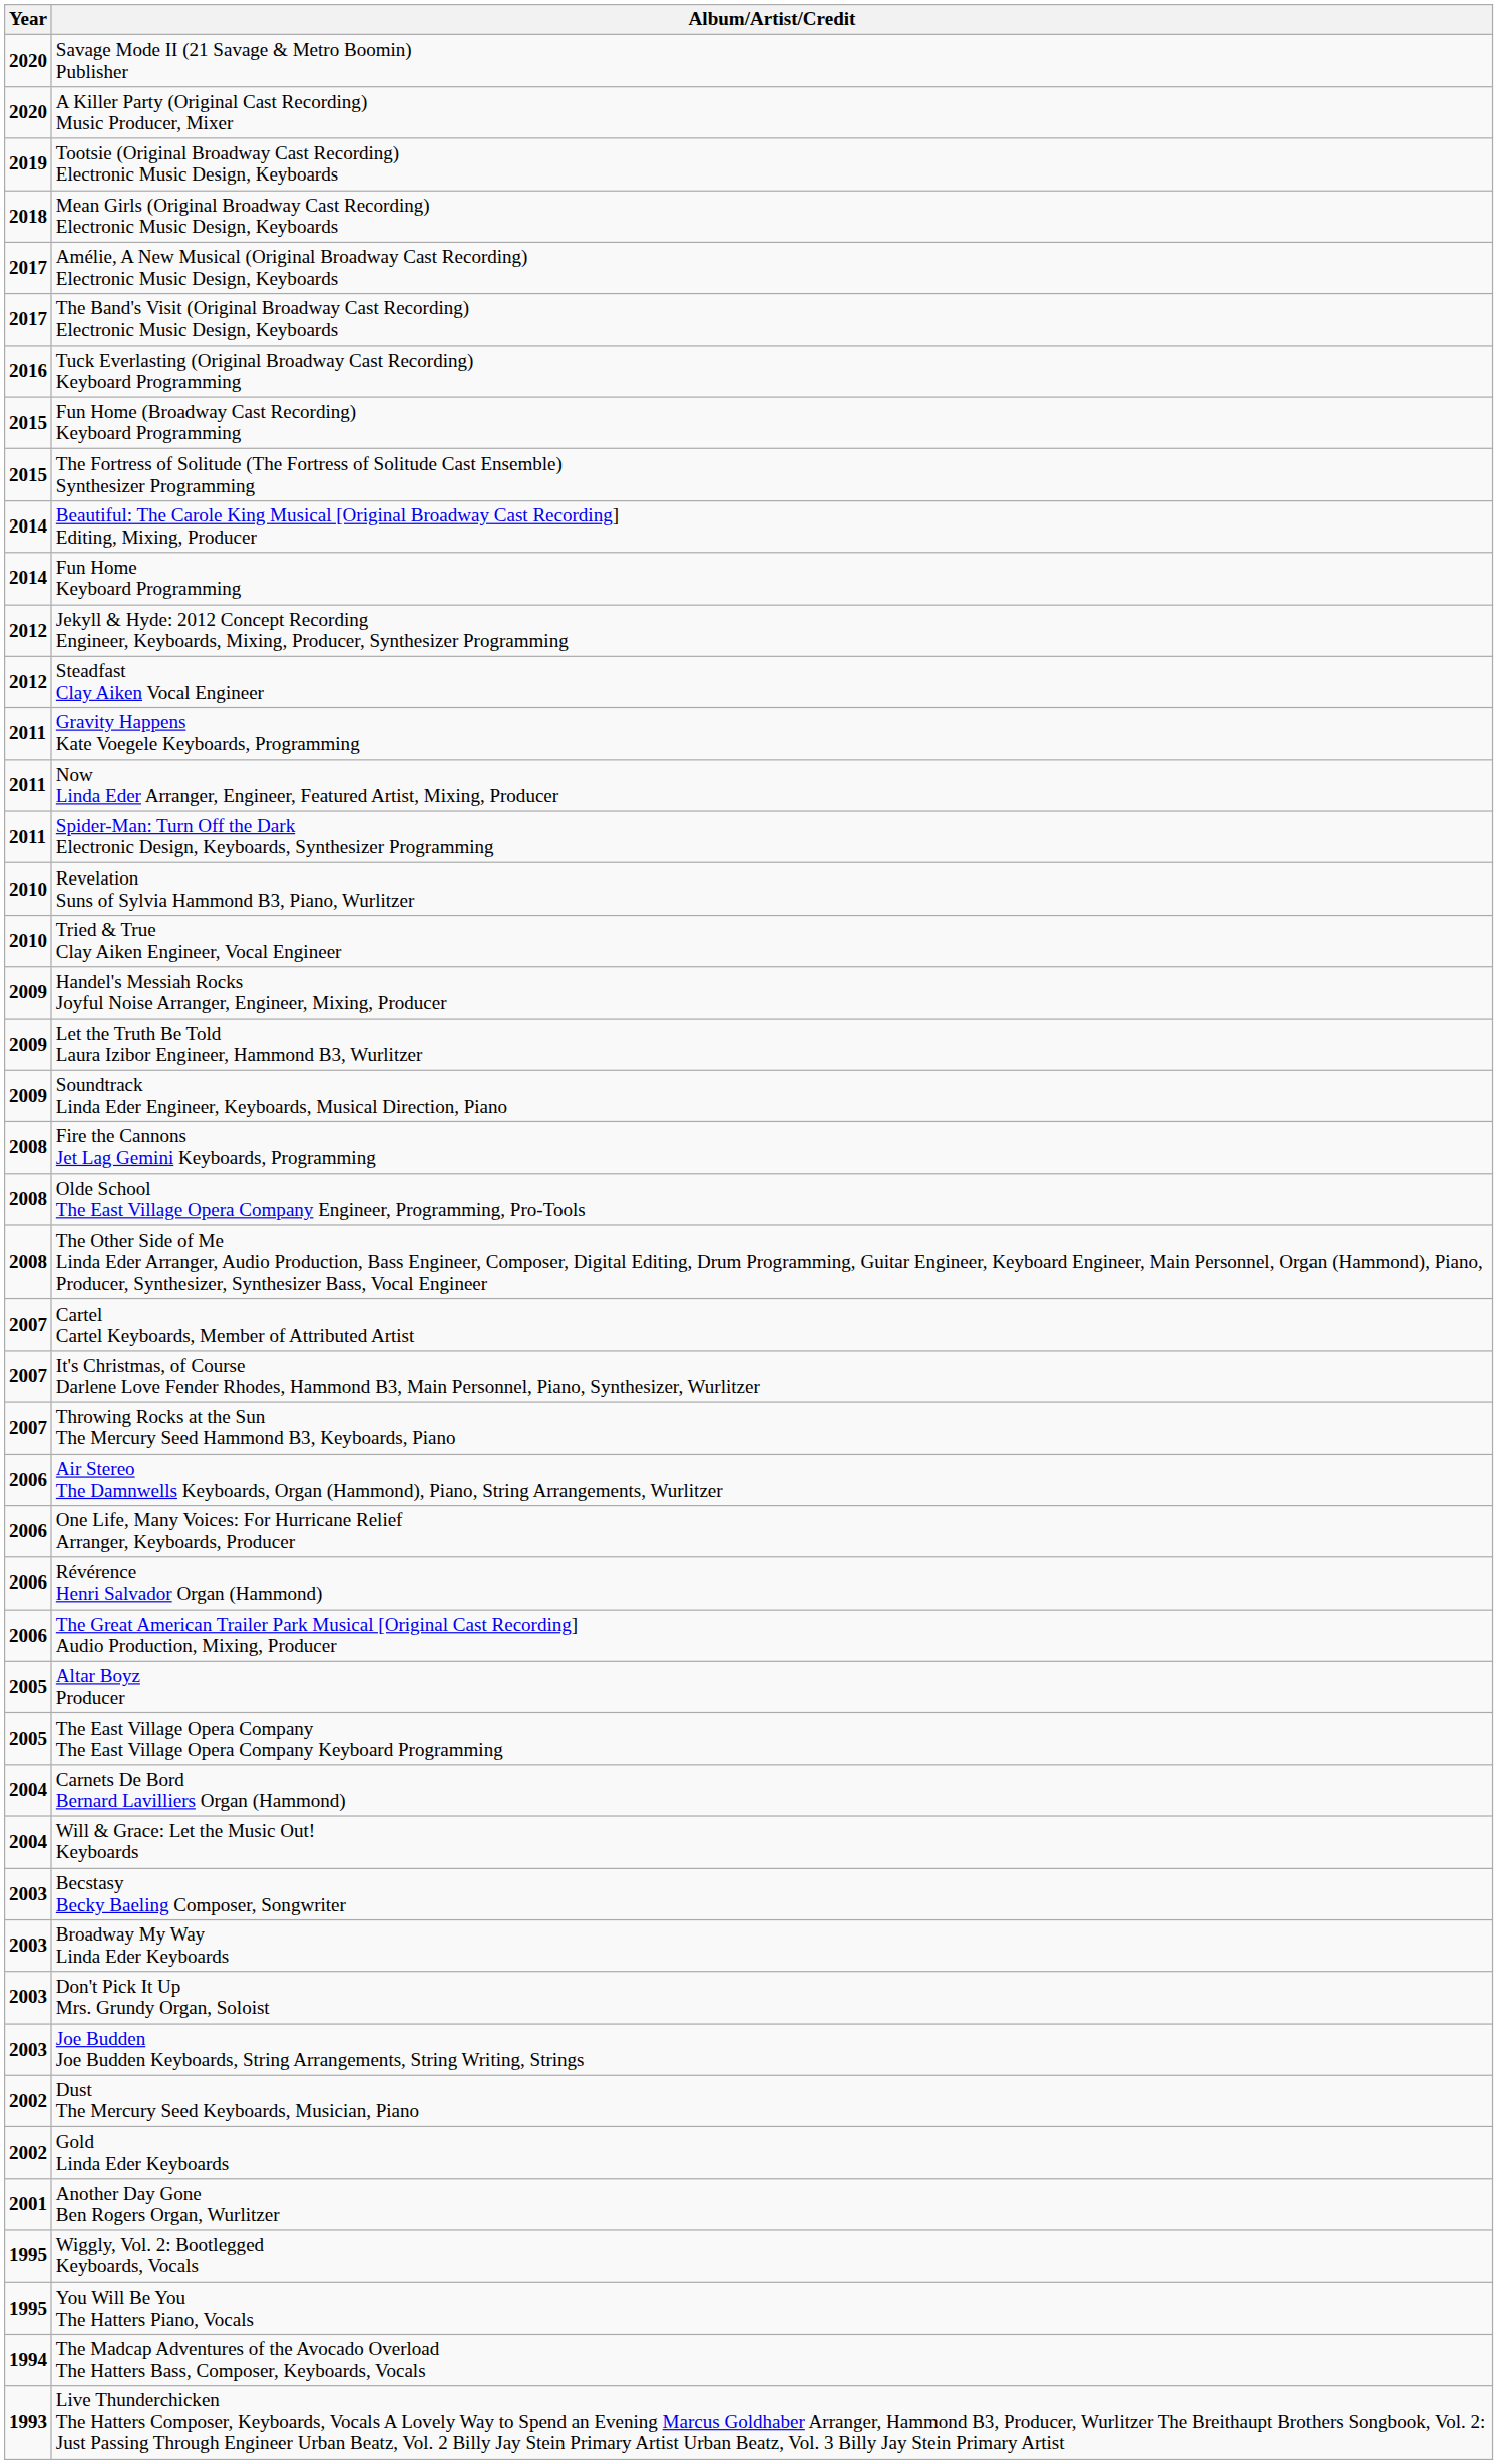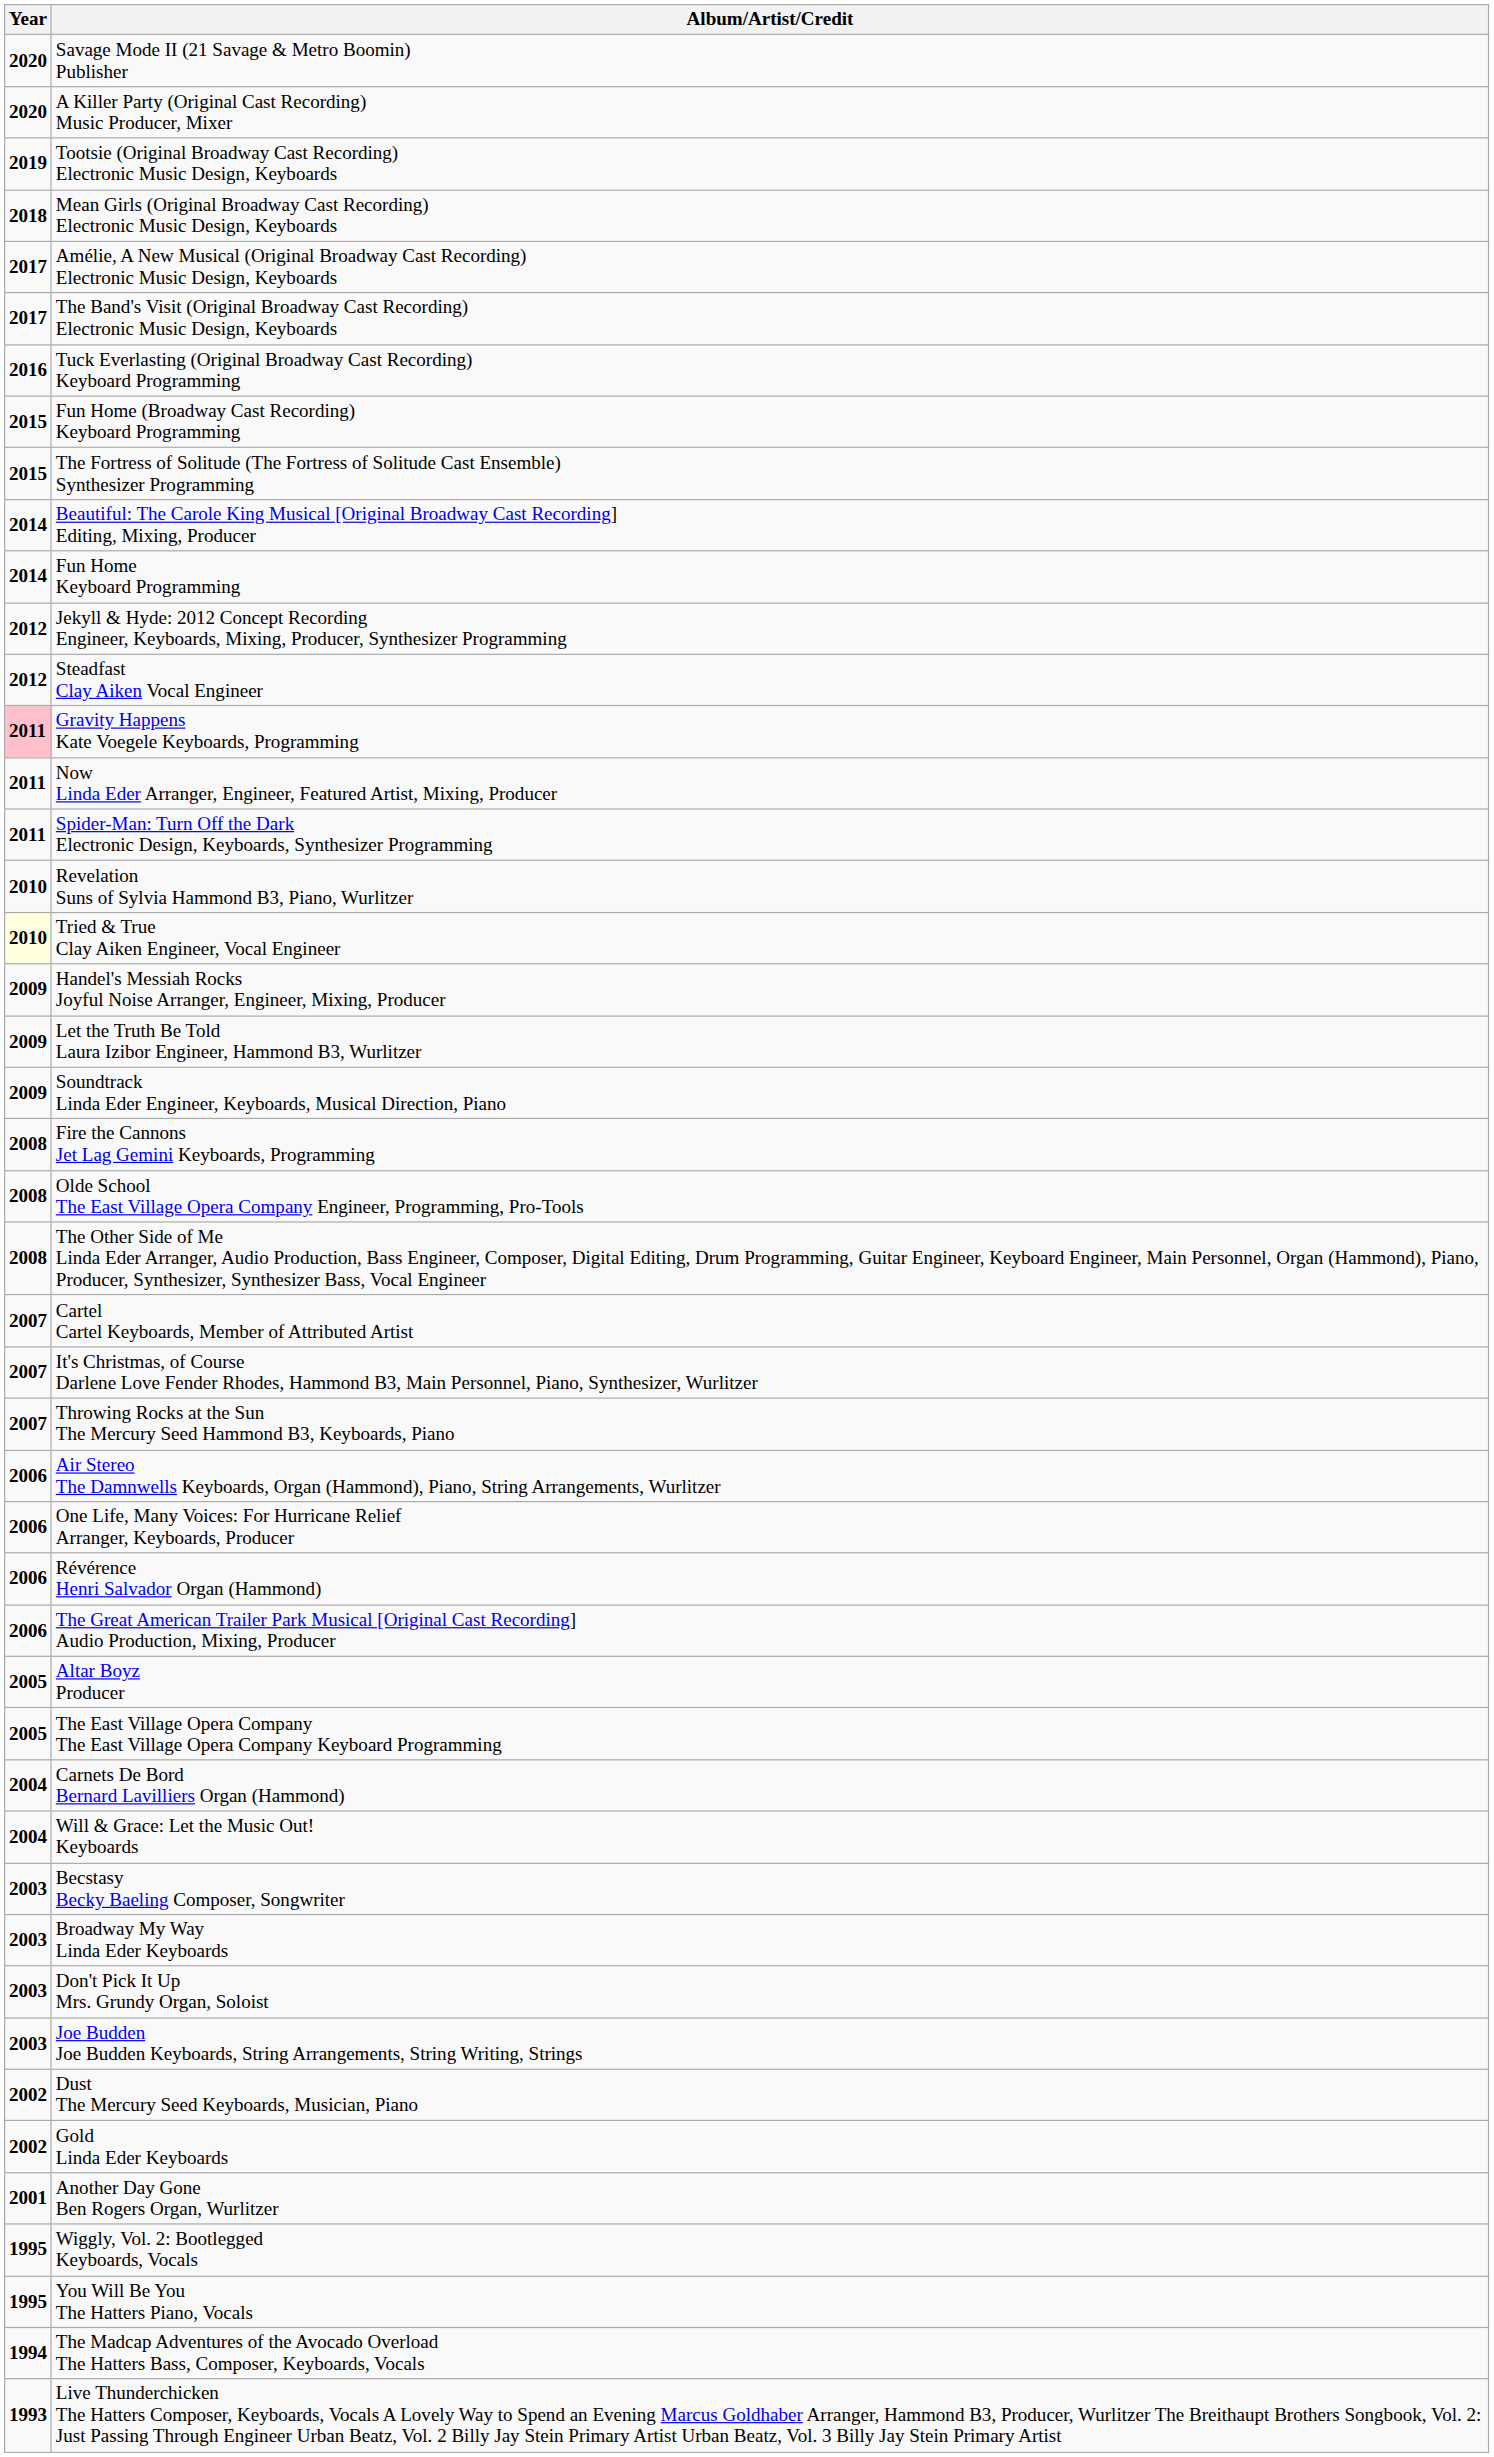 <table class="wikitable sortable">
 <tr>
 <th>Year</th>
 <th>Album/Artist/Credit</th>
 </tr>
 <tr>
 <td><strong>2020</strong></td>
 <td>Savage Mode II (21 Savage & Metro Boomin)<br>Publisher</td>
 </tr>
 <tr>
 <td><strong>2020</strong></td>
 <td>A Killer Party (Original Cast Recording)<br>Music Producer, Mixer</td>
 </tr>
 <tr>
 <td><strong>2019</strong></td>
 <td>Tootsie (Original Broadway Cast Recording)<br>Electronic Music Design, Keyboards</td>
 </tr>
 <tr>
 <td><strong>2018</strong></td>
 <td>Mean Girls (Original Broadway Cast Recording)<br>Electronic Music Design, Keyboards</td>
 </tr>
 <tr>
 <td><strong>2017</strong></td>
 <td>Amélie, A New Musical (Original Broadway Cast Recording)<br>Electronic Music Design, Keyboards</td>
 </tr>
 <tr>
 <td><strong>2017</strong></td>
 <td>The Band's Visit (Original Broadway Cast Recording)<br>Electronic Music Design, Keyboards</td>
 </tr>
 <tr>
 <td><strong>2016</strong></td>
 <td>Tuck Everlasting (Original Broadway Cast Recording)<br>Keyboard Programming</td>
 </tr>
 <tr>
 <td><strong>2015</strong></td>
 <td>Fun Home (Broadway Cast Recording)<br>Keyboard Programming</td>
 </tr>
 <tr>
 <td><strong>2015</strong></td>
 <td>The Fortress of Solitude (The Fortress of Solitude Cast Ensemble)<br>Synthesizer Programming</td>
 </tr>
 <tr>
 <td><strong>2014</strong></td>
 <td><a href='#'>Beautiful: The Carole King Musical [Original Broadway Cast Recording</a>]<br>Editing, Mixing, Producer</td>
 </tr>
 <tr>
 <td><strong>2014</strong></td>
 <td>Fun Home<br>Keyboard Programming</td>
 </tr>
 <tr>
 <td><strong>2012</strong></td>
 <td>Jekyll & Hyde: 2012 Concept Recording<br>Engineer, Keyboards, Mixing, Producer, Synthesizer Programming</td>
 </tr>
 <tr>
 <td><strong>2012</strong></td>
 <td>Steadfast<br><a href='#'>Clay Aiken</a> Vocal Engineer</td>
 </tr>
 <tr>
-<td><strong>2011</strong></td>
+<td style="background: pink;"><strong>2011</strong></td>
 <td><a href='#'>Gravity Happens</a><br>Kate Voegele Keyboards, Programming</td>
 </tr>
 <tr>
 <td><strong>2011</strong></td>
 <td>Now<br><a href='#'>Linda Eder</a> Arranger, Engineer, Featured Artist, Mixing, Producer</td>
 </tr>
 <tr>
 <td><strong>2011</strong></td>
 <td><a href='#'>Spider-Man: Turn Off the Dark</a><br>Electronic Design, Keyboards, Synthesizer Programming</td>
 </tr>
 <tr>
 <td><strong>2010</strong></td>
 <td>Revelation<br>Suns of Sylvia Hammond B3, Piano, Wurlitzer</td>
 </tr>
 <tr>
-<td><strong>2010</strong></td>
+<td style="background: lightyellow;"><strong>2010</strong></td>
 <td>Tried & True<br>Clay Aiken Engineer, Vocal Engineer</td>
 </tr>
 <tr>
 <td><strong>2009</strong></td>
 <td>Handel's Messiah Rocks<br>Joyful Noise Arranger, Engineer, Mixing, Producer</td>
 </tr>
 <tr>
 <td><strong>2009</strong></td>
 <td>Let the Truth Be Told<br>Laura Izibor Engineer, Hammond B3, Wurlitzer</td>
 </tr>
 <tr>
 <td><strong>2009</strong></td>
 <td>Soundtrack<br>Linda Eder Engineer, Keyboards, Musical Direction, Piano</td>
 </tr>
 <tr>
 <td><strong>2008</strong></td>
 <td>Fire the Cannons<br><a href='#'>Jet Lag Gemini</a> Keyboards, Programming</td>
 </tr>
 <tr>
 <td><strong>2008</strong></td>
 <td>Olde School<br><a href='#'>The East Village Opera Company</a> Engineer, Programming, Pro-Tools</td>
 </tr>
 <tr>
 <td><strong>2008</strong></td>
 <td>The Other Side of Me<br>Linda Eder Arranger, Audio Production, Bass Engineer, Composer, Digital Editing, Drum Programming, Guitar Engineer, Keyboard Engineer, Main Personnel, Organ (Hammond), Piano, Producer, Synthesizer, Synthesizer Bass, Vocal Engineer</td>
 </tr>
 <tr>
 <td><strong>2007</strong></td>
 <td>Cartel<br>Cartel Keyboards, Member of Attributed Artist</td>
 </tr>
 <tr>
 <td><strong>2007</strong></td>
 <td>It's Christmas, of Course<br>Darlene Love Fender Rhodes, Hammond B3, Main Personnel, Piano, Synthesizer, Wurlitzer</td>
 </tr>
 <tr>
 <td><strong>2007</strong></td>
 <td>Throwing Rocks at the Sun<br>The Mercury Seed Hammond B3, Keyboards, Piano</td>
 </tr>
 <tr>
 <td><strong>2006</strong></td>
 <td><a href='#'>Air Stereo</a><br><a href='#'>The Damnwells</a> Keyboards, Organ (Hammond), Piano, String Arrangements, Wurlitzer</td>
 </tr>
 <tr>
 <td><strong>2006</strong></td>
 <td>One Life, Many Voices: For Hurricane Relief<br>Arranger, Keyboards, Producer</td>
 </tr>
 <tr>
 <td><strong>2006</strong></td>
 <td>Révérence<br><a href='#'>Henri Salvador</a> Organ (Hammond)</td>
 </tr>
 <tr>
 <td><strong>2006</strong></td>
 <td><a href='#'>The Great American Trailer Park Musical [Original Cast Recording</a>]<br>Audio Production, Mixing, Producer</td>
 </tr>
 <tr>
 <td><strong>2005</strong></td>
 <td><a href='#'>Altar Boyz</a><br>Producer</td>
 </tr>
 <tr>
 <td><strong>2005</strong></td>
 <td>The East Village Opera Company<br>The East Village Opera Company Keyboard Programming</td>
 </tr>
 <tr>
 <td><strong>2004</strong></td>
 <td>Carnets De Bord<br><a href='#'>Bernard Lavilliers</a> Organ (Hammond)</td>
 </tr>
 <tr>
 <td><strong>2004</strong></td>
 <td>Will & Grace: Let the Music Out!<br>Keyboards</td>
 </tr>
 <tr>
 <td><strong>2003</strong></td>
 <td>Becstasy<br><a href='#'>Becky Baeling</a> Composer, Songwriter</td>
 </tr>
 <tr>
 <td><strong>2003</strong></td>
 <td>Broadway My Way<br>Linda Eder Keyboards</td>
 </tr>
 <tr>
 <td><strong>2003</strong></td>
 <td>Don't Pick It Up<br>Mrs. Grundy Organ, Soloist</td>
 </tr>
 <tr>
 <td><strong>2003</strong></td>
 <td><a href='#'>Joe Budden</a><br>Joe Budden Keyboards, String Arrangements, String Writing, Strings</td>
 </tr>
 <tr>
 <td><strong>2002</strong></td>
 <td>Dust<br>The Mercury Seed Keyboards, Musician, Piano</td>
 </tr>
 <tr>
 <td><strong>2002</strong></td>
 <td>Gold<br>Linda Eder Keyboards</td>
 </tr>
 <tr>
 <td><strong>2001</strong></td>
 <td>Another Day Gone<br>Ben Rogers Organ, Wurlitzer</td>
 </tr>
 <tr>
 <td><strong>1995</strong></td>
 <td>Wiggly, Vol. 2: Bootlegged<br>Keyboards, Vocals</td>
 </tr>
 <tr>
 <td><strong>1995</strong></td>
 <td>You Will Be You<br>The Hatters Piano, Vocals</td>
 </tr>
 <tr>
 <td><strong>1994</strong></td>
 <td>The Madcap Adventures of the Avocado Overload<br>The Hatters Bass, Composer, Keyboards, Vocals</td>
 </tr>
 <tr>
 <td><strong>1993</strong></td>
 <td>Live Thunderchicken<br>The Hatters Composer, Keyboards, Vocals A Lovely Way to Spend an Evening <a href='#'>Marcus Goldhaber</a> Arranger, Hammond B3, Producer, Wurlitzer The Breithaupt Brothers Songbook, Vol. 2: Just Passing Through Engineer Urban Beatz, Vol. 2 Billy Jay Stein Primary Artist Urban Beatz, Vol. 3 Billy Jay Stein Primary Artist</td>
 </tr>
 </table>
